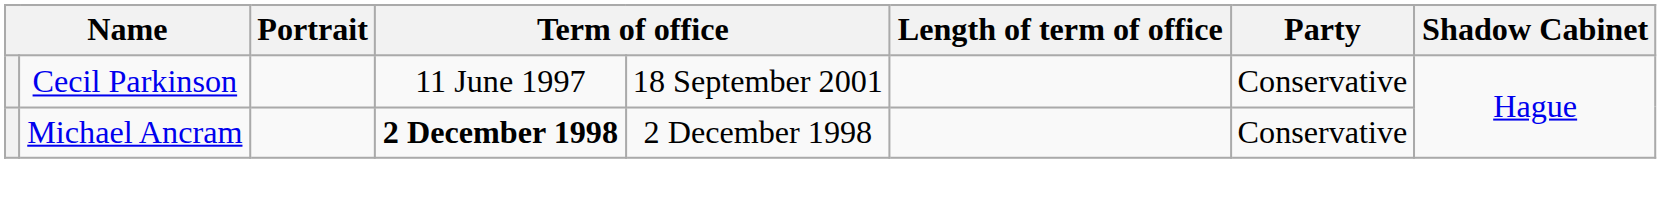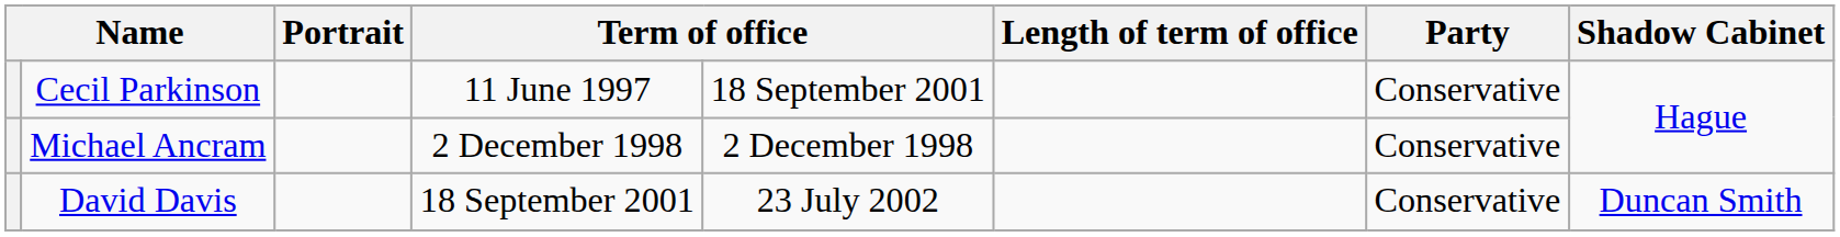 <table class="wikitable" style="text-align:center">
 <tr>
 <th colspan="2">Name</th>
 <th>Portrait</th>
 <th colspan="2">Term of office</th>
 <th>Length of term of office</th>
 <th>Party</th>
 <th>Shadow Cabinet</th>
 </tr>
 <tr>
 <th style="background-color: "></th>
 <td><a href='#'>Cecil Parkinson</a></td>
 <td></td>
 <td>11 June 1997</td>
 <td>18 September 2001</td>
 <td></td>
 <td>Conservative</td>
 <td rowspan="2" ><a href='#'>Hague</a></td>
 </tr>
 <tr>
 <th style="background-color: "></th>
 <td><a href='#'>Michael Ancram</a></td>
 <td></td>
-<td><strong>2 December 1998</strong></td>
+<td>2 December 1998</td>
 <td>2 December 1998</td>
 <td></td>
 <td>Conservative</td>
 </tr>
+<tr>
+<th style="background-color: "></th>
+<td><a href='#'>David Davis</a></td>
+<td></td>
+<td>18 September 2001</td>
+<td>23 July 2002</td>
+<td></td>
+<td>Conservative</td>
+<td><a href='#'>Duncan Smith</a></td>
+</tr>
 </table>
